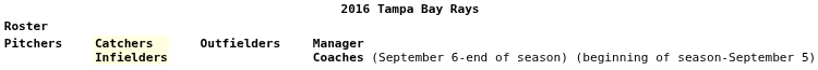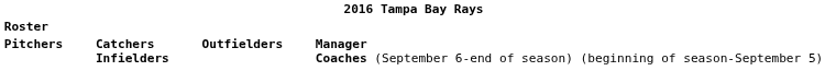 <table class="toccolours" style="font-size: 95%;">
 <tr>
 <th colspan="10">2016 Tampa Bay Rays</th>
 </tr>
 <tr>
 <td colspan="10"><strong>Roster</strong></td>
 </tr>
 <tr>
 <td valign="top"><strong>Pitchers</strong><br>                       </td>
 <td style="width:25px;"></td>
-<td valign="top" style="background: lightyellow;"><strong>Catchers</strong><br>    <strong>Infielders</strong>         </td>
+<td valign="top"><strong>Catchers</strong><br>    <strong>Infielders</strong>         </td>
 <td style="width:25px;"></td>
 <td valign="top"><strong>Outfielders</strong><br>          </td>
 <td style="width:25px;"></td>
 <td valign="top"><strong>Manager</strong><br> <strong>Coaches</strong>                 (September 6-end of season)     (beginning of season-September  5)</td>
 </tr>
 </table>
